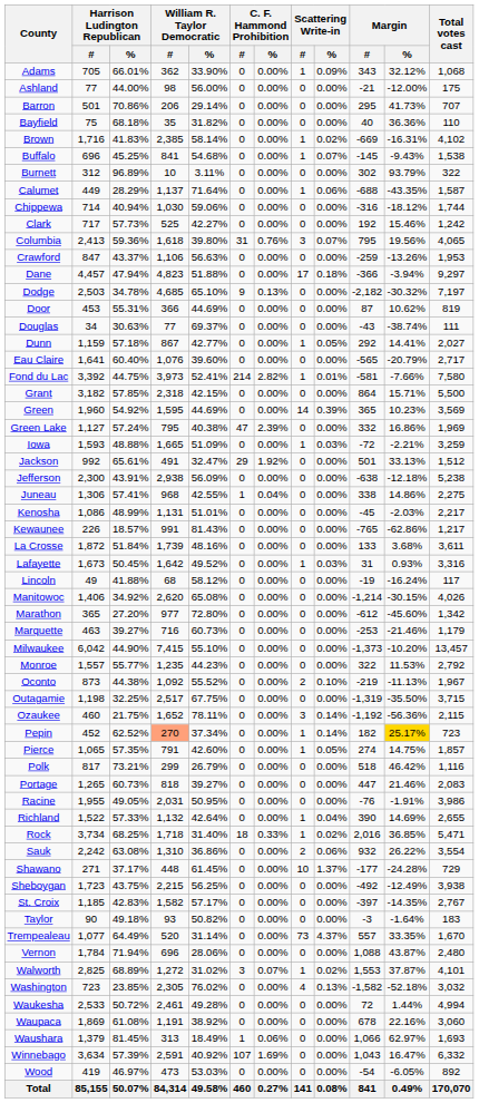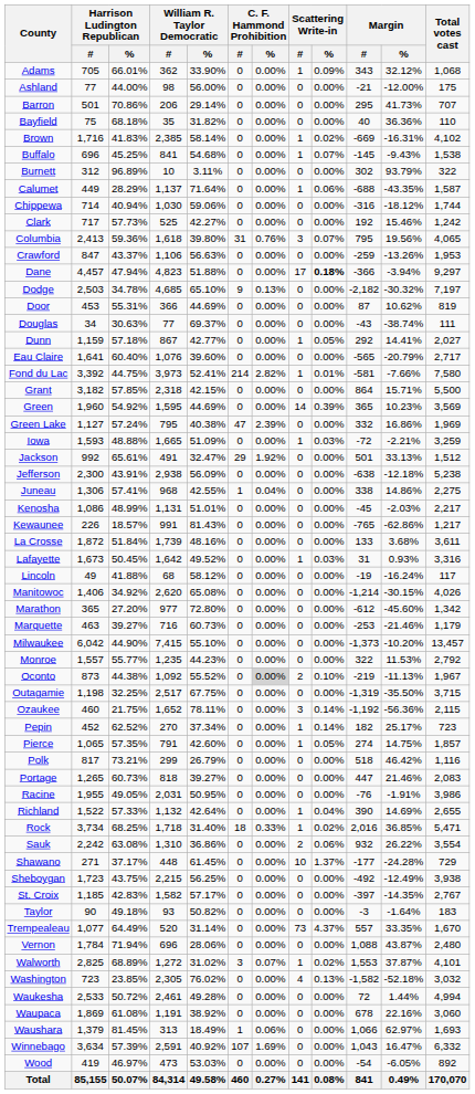 <table width="75%" class="wikitable sortable" style="text-align:center">
 <tr>
 <th rowspan="2" style="text-align:center;">County</th>
 <th colspan="2" style="text-align:center;">Harrison Ludington<br>Republican</th>
 <th colspan="2" style="text-align:center;">William R. Taylor<br>Democratic</th>
 <th colspan="2" style="text-align:center;">C. F. Hammond<br>Prohibition</th>
 <th colspan="2" style="text-align:center;">Scattering<br>Write-in</th>
 <th colspan="2" style="text-align:center;">Margin</th>
 <th rowspan="2" style="text-align:center;">Total votes cast</th>
 </tr>
 <tr>
 <th style="text-align:center;" data-sort-type="number">#</th>
 <th style="text-align:center;" data-sort-type="number">%</th>
 <th style="text-align:center;" data-sort-type="number">#</th>
 <th style="text-align:center;" data-sort-type="number">%</th>
 <th style="text-align:center;" data-sort-type="number">#</th>
 <th style="text-align:center;" data-sort-type="number">%</th>
 <th style="text-align:center;" data-sort-type="number">#</th>
 <th style="text-align:center;" data-sort-type="number">%</th>
 <th style="text-align:center;" data-sort-type="number">#</th>
 <th style="text-align:center;" data-sort-type="number">%</th>
 </tr>
 <tr style="text-align:center;">
 <td><a href='#'>Adams</a></td>
 <td>705</td>
 <td>66.01%</td>
 <td>362</td>
 <td>33.90%</td>
 <td>0</td>
 <td>0.00%</td>
 <td>1</td>
 <td>0.09%</td>
 <td>343</td>
 <td>32.12%</td>
 <td>1,068</td>
 </tr>
 <tr style="text-align:center;">
 <td><a href='#'>Ashland</a></td>
 <td>77</td>
 <td>44.00%</td>
 <td>98</td>
 <td>56.00%</td>
 <td>0</td>
 <td>0.00%</td>
 <td>0</td>
 <td>0.00%</td>
 <td>-21</td>
 <td>-12.00%</td>
 <td>175</td>
 </tr>
 <tr style="text-align:center;">
 <td><a href='#'>Barron</a></td>
 <td>501</td>
 <td>70.86%</td>
 <td>206</td>
 <td>29.14%</td>
 <td>0</td>
 <td>0.00%</td>
 <td>0</td>
 <td>0.00%</td>
 <td>295</td>
 <td>41.73%</td>
 <td>707</td>
 </tr>
 <tr style="text-align:center;">
 <td><a href='#'>Bayfield</a></td>
 <td>75</td>
 <td>68.18%</td>
 <td>35</td>
 <td>31.82%</td>
 <td>0</td>
 <td>0.00%</td>
 <td>0</td>
 <td>0.00%</td>
 <td>40</td>
 <td>36.36%</td>
 <td>110</td>
 </tr>
 <tr style="text-align:center;">
 <td><a href='#'>Brown</a></td>
 <td>1,716</td>
 <td>41.83%</td>
 <td>2,385</td>
 <td>58.14%</td>
 <td>0</td>
 <td>0.00%</td>
 <td>1</td>
 <td>0.02%</td>
 <td>-669</td>
 <td>-16.31%</td>
 <td>4,102</td>
 </tr>
 <tr style="text-align:center;">
 <td><a href='#'>Buffalo</a></td>
 <td>696</td>
 <td>45.25%</td>
 <td>841</td>
 <td>54.68%</td>
 <td>0</td>
 <td>0.00%</td>
 <td>1</td>
 <td>0.07%</td>
 <td>-145</td>
 <td>-9.43%</td>
 <td>1,538</td>
 </tr>
 <tr style="text-align:center;">
 <td><a href='#'>Burnett</a></td>
 <td>312</td>
 <td>96.89%</td>
 <td>10</td>
 <td>3.11%</td>
 <td>0</td>
 <td>0.00%</td>
 <td>0</td>
 <td>0.00%</td>
 <td>302</td>
 <td>93.79%</td>
 <td>322</td>
 </tr>
 <tr style="text-align:center;">
 <td><a href='#'>Calumet</a></td>
 <td>449</td>
 <td>28.29%</td>
 <td>1,137</td>
 <td>71.64%</td>
 <td>0</td>
 <td>0.00%</td>
 <td>1</td>
 <td>0.06%</td>
 <td>-688</td>
 <td>-43.35%</td>
 <td>1,587</td>
 </tr>
 <tr style="text-align:center;">
 <td><a href='#'>Chippewa</a></td>
 <td>714</td>
 <td>40.94%</td>
 <td>1,030</td>
 <td>59.06%</td>
 <td>0</td>
 <td>0.00%</td>
 <td>0</td>
 <td>0.00%</td>
 <td>-316</td>
 <td>-18.12%</td>
 <td>1,744</td>
 </tr>
 <tr style="text-align:center;">
 <td><a href='#'>Clark</a></td>
 <td>717</td>
 <td>57.73%</td>
 <td>525</td>
 <td>42.27%</td>
 <td>0</td>
 <td>0.00%</td>
 <td>0</td>
 <td>0.00%</td>
 <td>192</td>
 <td>15.46%</td>
 <td>1,242</td>
 </tr>
 <tr style="text-align:center;">
 <td><a href='#'>Columbia</a></td>
 <td>2,413</td>
 <td>59.36%</td>
 <td>1,618</td>
 <td>39.80%</td>
 <td>31</td>
 <td>0.76%</td>
 <td>3</td>
 <td>0.07%</td>
 <td>795</td>
 <td>19.56%</td>
 <td>4,065</td>
 </tr>
 <tr style="text-align:center;">
 <td><a href='#'>Crawford</a></td>
 <td>847</td>
 <td>43.37%</td>
 <td>1,106</td>
 <td>56.63%</td>
 <td>0</td>
 <td>0.00%</td>
 <td>0</td>
 <td>0.00%</td>
 <td>-259</td>
 <td>-13.26%</td>
 <td>1,953</td>
 </tr>
 <tr style="text-align:center;">
 <td><a href='#'>Dane</a></td>
 <td>4,457</td>
 <td>47.94%</td>
 <td>4,823</td>
 <td>51.88%</td>
 <td>0</td>
 <td>0.00%</td>
 <td>17</td>
-<td>0.18%</td>
+<td><strong>0.18%</strong></td>
 <td>-366</td>
 <td>-3.94%</td>
 <td>9,297</td>
 </tr>
 <tr style="text-align:center;">
 <td><a href='#'>Dodge</a></td>
 <td>2,503</td>
 <td>34.78%</td>
 <td>4,685</td>
 <td>65.10%</td>
 <td>9</td>
 <td>0.13%</td>
 <td>0</td>
 <td>0.00%</td>
 <td>-2,182</td>
 <td>-30.32%</td>
 <td>7,197</td>
 </tr>
 <tr style="text-align:center;">
 <td><a href='#'>Door</a></td>
 <td>453</td>
 <td>55.31%</td>
 <td>366</td>
 <td>44.69%</td>
 <td>0</td>
 <td>0.00%</td>
 <td>0</td>
 <td>0.00%</td>
 <td>87</td>
 <td>10.62%</td>
 <td>819</td>
 </tr>
 <tr style="text-align:center;">
 <td><a href='#'>Douglas</a></td>
 <td>34</td>
 <td>30.63%</td>
 <td>77</td>
 <td>69.37%</td>
 <td>0</td>
 <td>0.00%</td>
 <td>0</td>
 <td>0.00%</td>
 <td>-43</td>
 <td>-38.74%</td>
 <td>111</td>
 </tr>
 <tr style="text-align:center;">
 <td><a href='#'>Dunn</a></td>
 <td>1,159</td>
 <td>57.18%</td>
 <td>867</td>
 <td>42.77%</td>
 <td>0</td>
 <td>0.00%</td>
 <td>1</td>
 <td>0.05%</td>
 <td>292</td>
 <td>14.41%</td>
 <td>2,027</td>
 </tr>
 <tr style="text-align:center;">
 <td><a href='#'>Eau Claire</a></td>
 <td>1,641</td>
 <td>60.40%</td>
 <td>1,076</td>
 <td>39.60%</td>
 <td>0</td>
 <td>0.00%</td>
 <td>0</td>
 <td>0.00%</td>
 <td>-565</td>
 <td>-20.79%</td>
 <td>2,717</td>
 </tr>
 <tr style="text-align:center;">
 <td><a href='#'>Fond du Lac</a></td>
 <td>3,392</td>
 <td>44.75%</td>
 <td>3,973</td>
 <td>52.41%</td>
 <td>214</td>
 <td>2.82%</td>
 <td>1</td>
 <td>0.01%</td>
 <td>-581</td>
 <td>-7.66%</td>
 <td>7,580</td>
 </tr>
 <tr style="text-align:center;">
 <td><a href='#'>Grant</a></td>
 <td>3,182</td>
 <td>57.85%</td>
 <td>2,318</td>
 <td>42.15%</td>
 <td>0</td>
 <td>0.00%</td>
 <td>0</td>
 <td>0.00%</td>
 <td>864</td>
 <td>15.71%</td>
 <td>5,500</td>
 </tr>
 <tr style="text-align:center;">
 <td><a href='#'>Green</a></td>
 <td>1,960</td>
 <td>54.92%</td>
 <td>1,595</td>
 <td>44.69%</td>
 <td>0</td>
 <td>0.00%</td>
 <td>14</td>
 <td>0.39%</td>
 <td>365</td>
 <td>10.23%</td>
 <td>3,569</td>
 </tr>
 <tr style="text-align:center;">
 <td><a href='#'>Green Lake</a></td>
 <td>1,127</td>
 <td>57.24%</td>
 <td>795</td>
 <td>40.38%</td>
 <td>47</td>
 <td>2.39%</td>
 <td>0</td>
 <td>0.00%</td>
 <td>332</td>
 <td>16.86%</td>
 <td>1,969</td>
 </tr>
 <tr style="text-align:center;">
 <td><a href='#'>Iowa</a></td>
 <td>1,593</td>
 <td>48.88%</td>
 <td>1,665</td>
 <td>51.09%</td>
 <td>0</td>
 <td>0.00%</td>
 <td>1</td>
 <td>0.03%</td>
 <td>-72</td>
 <td>-2.21%</td>
 <td>3,259</td>
 </tr>
 <tr style="text-align:center;">
 <td><a href='#'>Jackson</a></td>
 <td>992</td>
 <td>65.61%</td>
 <td>491</td>
 <td>32.47%</td>
 <td>29</td>
 <td>1.92%</td>
 <td>0</td>
 <td>0.00%</td>
 <td>501</td>
 <td>33.13%</td>
 <td>1,512</td>
 </tr>
 <tr style="text-align:center;">
 <td><a href='#'>Jefferson</a></td>
 <td>2,300</td>
 <td>43.91%</td>
 <td>2,938</td>
 <td>56.09%</td>
 <td>0</td>
 <td>0.00%</td>
 <td>0</td>
 <td>0.00%</td>
 <td>-638</td>
 <td>-12.18%</td>
 <td>5,238</td>
 </tr>
 <tr style="text-align:center;">
 <td><a href='#'>Juneau</a></td>
 <td>1,306</td>
 <td>57.41%</td>
 <td>968</td>
 <td>42.55%</td>
 <td>1</td>
 <td>0.04%</td>
 <td>0</td>
 <td>0.00%</td>
 <td>338</td>
 <td>14.86%</td>
 <td>2,275</td>
 </tr>
 <tr style="text-align:center;">
 <td><a href='#'>Kenosha</a></td>
 <td>1,086</td>
 <td>48.99%</td>
 <td>1,131</td>
 <td>51.01%</td>
 <td>0</td>
 <td>0.00%</td>
 <td>0</td>
 <td>0.00%</td>
 <td>-45</td>
 <td>-2.03%</td>
 <td>2,217</td>
 </tr>
 <tr style="text-align:center;">
 <td><a href='#'>Kewaunee</a></td>
 <td>226</td>
 <td>18.57%</td>
 <td>991</td>
 <td>81.43%</td>
 <td>0</td>
 <td>0.00%</td>
 <td>0</td>
 <td>0.00%</td>
 <td>-765</td>
 <td>-62.86%</td>
 <td>1,217</td>
 </tr>
 <tr style="text-align:center;">
 <td><a href='#'>La Crosse</a></td>
 <td>1,872</td>
 <td>51.84%</td>
 <td>1,739</td>
 <td>48.16%</td>
 <td>0</td>
 <td>0.00%</td>
 <td>0</td>
 <td>0.00%</td>
 <td>133</td>
 <td>3.68%</td>
 <td>3,611</td>
 </tr>
 <tr style="text-align:center;">
 <td><a href='#'>Lafayette</a></td>
 <td>1,673</td>
 <td>50.45%</td>
 <td>1,642</td>
 <td>49.52%</td>
 <td>0</td>
 <td>0.00%</td>
 <td>1</td>
 <td>0.03%</td>
 <td>31</td>
 <td>0.93%</td>
 <td>3,316</td>
 </tr>
 <tr style="text-align:center;">
 <td><a href='#'>Lincoln</a></td>
 <td>49</td>
 <td>41.88%</td>
 <td>68</td>
 <td>58.12%</td>
 <td>0</td>
 <td>0.00%</td>
 <td>0</td>
 <td>0.00%</td>
 <td>-19</td>
 <td>-16.24%</td>
 <td>117</td>
 </tr>
 <tr style="text-align:center;">
 <td><a href='#'>Manitowoc</a></td>
 <td>1,406</td>
 <td>34.92%</td>
 <td>2,620</td>
 <td>65.08%</td>
 <td>0</td>
 <td>0.00%</td>
 <td>0</td>
 <td>0.00%</td>
 <td>-1,214</td>
 <td>-30.15%</td>
 <td>4,026</td>
 </tr>
 <tr style="text-align:center;">
 <td><a href='#'>Marathon</a></td>
 <td>365</td>
 <td>27.20%</td>
 <td>977</td>
 <td>72.80%</td>
 <td>0</td>
 <td>0.00%</td>
 <td>0</td>
 <td>0.00%</td>
 <td>-612</td>
 <td>-45.60%</td>
 <td>1,342</td>
 </tr>
 <tr style="text-align:center;">
 <td><a href='#'>Marquette</a></td>
 <td>463</td>
 <td>39.27%</td>
 <td>716</td>
 <td>60.73%</td>
 <td>0</td>
 <td>0.00%</td>
 <td>0</td>
 <td>0.00%</td>
 <td>-253</td>
 <td>-21.46%</td>
 <td>1,179</td>
 </tr>
 <tr style="text-align:center;">
 <td><a href='#'>Milwaukee</a></td>
 <td>6,042</td>
 <td>44.90%</td>
 <td>7,415</td>
 <td>55.10%</td>
 <td>0</td>
 <td>0.00%</td>
 <td>0</td>
 <td>0.00%</td>
 <td>-1,373</td>
 <td>-10.20%</td>
 <td>13,457</td>
 </tr>
 <tr style="text-align:center;">
 <td><a href='#'>Monroe</a></td>
 <td>1,557</td>
 <td>55.77%</td>
 <td>1,235</td>
 <td>44.23%</td>
 <td>0</td>
 <td>0.00%</td>
 <td>0</td>
 <td>0.00%</td>
 <td>322</td>
 <td>11.53%</td>
 <td>2,792</td>
 </tr>
 <tr style="text-align:center;">
 <td><a href='#'>Oconto</a></td>
 <td>873</td>
 <td>44.38%</td>
 <td>1,092</td>
 <td>55.52%</td>
 <td>0</td>
-<td>0.00%</td>
+<td style="background: lightgrey;">0.00%</td>
 <td>2</td>
 <td>0.10%</td>
 <td>-219</td>
 <td>-11.13%</td>
 <td>1,967</td>
 </tr>
 <tr style="text-align:center;">
 <td><a href='#'>Outagamie</a></td>
 <td>1,198</td>
 <td>32.25%</td>
 <td>2,517</td>
 <td>67.75%</td>
 <td>0</td>
 <td>0.00%</td>
 <td>0</td>
 <td>0.00%</td>
 <td>-1,319</td>
 <td>-35.50%</td>
 <td>3,715</td>
 </tr>
 <tr style="text-align:center;">
 <td><a href='#'>Ozaukee</a></td>
 <td>460</td>
 <td>21.75%</td>
 <td>1,652</td>
 <td>78.11%</td>
 <td>0</td>
 <td>0.00%</td>
 <td>3</td>
 <td>0.14%</td>
 <td>-1,192</td>
 <td>-56.36%</td>
 <td>2,115</td>
 </tr>
 <tr style="text-align:center;">
 <td><a href='#'>Pepin</a></td>
 <td>452</td>
 <td>62.52%</td>
-<td style="background: lightsalmon;">270</td>
+<td>270</td>
 <td>37.34%</td>
 <td>0</td>
 <td>0.00%</td>
 <td>1</td>
 <td>0.14%</td>
 <td>182</td>
-<td style="background: gold;">25.17%</td>
+<td>25.17%</td>
 <td>723</td>
 </tr>
 <tr style="text-align:center;">
 <td><a href='#'>Pierce</a></td>
 <td>1,065</td>
 <td>57.35%</td>
 <td>791</td>
 <td>42.60%</td>
 <td>0</td>
 <td>0.00%</td>
 <td>1</td>
 <td>0.05%</td>
 <td>274</td>
 <td>14.75%</td>
 <td>1,857</td>
 </tr>
 <tr style="text-align:center;">
 <td><a href='#'>Polk</a></td>
 <td>817</td>
 <td>73.21%</td>
 <td>299</td>
 <td>26.79%</td>
 <td>0</td>
 <td>0.00%</td>
 <td>0</td>
 <td>0.00%</td>
 <td>518</td>
 <td>46.42%</td>
 <td>1,116</td>
 </tr>
 <tr style="text-align:center;">
 <td><a href='#'>Portage</a></td>
 <td>1,265</td>
 <td>60.73%</td>
 <td>818</td>
 <td>39.27%</td>
 <td>0</td>
 <td>0.00%</td>
 <td>0</td>
 <td>0.00%</td>
 <td>447</td>
 <td>21.46%</td>
 <td>2,083</td>
 </tr>
 <tr style="text-align:center;">
 <td><a href='#'>Racine</a></td>
 <td>1,955</td>
 <td>49.05%</td>
 <td>2,031</td>
 <td>50.95%</td>
 <td>0</td>
 <td>0.00%</td>
 <td>0</td>
 <td>0.00%</td>
 <td>-76</td>
 <td>-1.91%</td>
 <td>3,986</td>
 </tr>
 <tr style="text-align:center;">
 <td><a href='#'>Richland</a></td>
 <td>1,522</td>
 <td>57.33%</td>
 <td>1,132</td>
 <td>42.64%</td>
 <td>0</td>
 <td>0.00%</td>
 <td>1</td>
 <td>0.04%</td>
 <td>390</td>
 <td>14.69%</td>
 <td>2,655</td>
 </tr>
 <tr style="text-align:center;">
 <td><a href='#'>Rock</a></td>
 <td>3,734</td>
 <td>68.25%</td>
 <td>1,718</td>
 <td>31.40%</td>
 <td>18</td>
 <td>0.33%</td>
 <td>1</td>
 <td>0.02%</td>
 <td>2,016</td>
 <td>36.85%</td>
 <td>5,471</td>
 </tr>
 <tr style="text-align:center;">
 <td><a href='#'>Sauk</a></td>
 <td>2,242</td>
 <td>63.08%</td>
 <td>1,310</td>
 <td>36.86%</td>
 <td>0</td>
 <td>0.00%</td>
 <td>2</td>
 <td>0.06%</td>
 <td>932</td>
 <td>26.22%</td>
 <td>3,554</td>
 </tr>
 <tr style="text-align:center;">
 <td><a href='#'>Shawano</a></td>
 <td>271</td>
 <td>37.17%</td>
 <td>448</td>
 <td>61.45%</td>
 <td>0</td>
 <td>0.00%</td>
 <td>10</td>
 <td>1.37%</td>
 <td>-177</td>
 <td>-24.28%</td>
 <td>729</td>
 </tr>
 <tr style="text-align:center;">
 <td><a href='#'>Sheboygan</a></td>
 <td>1,723</td>
 <td>43.75%</td>
 <td>2,215</td>
 <td>56.25%</td>
 <td>0</td>
 <td>0.00%</td>
 <td>0</td>
 <td>0.00%</td>
 <td>-492</td>
 <td>-12.49%</td>
 <td>3,938</td>
 </tr>
 <tr style="text-align:center;">
 <td><a href='#'>St. Croix</a></td>
 <td>1,185</td>
 <td>42.83%</td>
 <td>1,582</td>
 <td>57.17%</td>
 <td>0</td>
 <td>0.00%</td>
 <td>0</td>
 <td>0.00%</td>
 <td>-397</td>
 <td>-14.35%</td>
 <td>2,767</td>
 </tr>
 <tr style="text-align:center;">
 <td><a href='#'>Taylor</a></td>
 <td>90</td>
 <td>49.18%</td>
 <td>93</td>
 <td>50.82%</td>
 <td>0</td>
 <td>0.00%</td>
 <td>0</td>
 <td>0.00%</td>
 <td>-3</td>
 <td>-1.64%</td>
 <td>183</td>
 </tr>
 <tr style="text-align:center;">
 <td><a href='#'>Trempealeau</a></td>
 <td>1,077</td>
 <td>64.49%</td>
 <td>520</td>
 <td>31.14%</td>
 <td>0</td>
 <td>0.00%</td>
 <td>73</td>
 <td>4.37%</td>
 <td>557</td>
 <td>33.35%</td>
 <td>1,670</td>
 </tr>
 <tr style="text-align:center;">
 <td><a href='#'>Vernon</a></td>
 <td>1,784</td>
 <td>71.94%</td>
 <td>696</td>
 <td>28.06%</td>
 <td>0</td>
 <td>0.00%</td>
 <td>0</td>
 <td>0.00%</td>
 <td>1,088</td>
 <td>43.87%</td>
 <td>2,480</td>
 </tr>
 <tr style="text-align:center;">
 <td><a href='#'>Walworth</a></td>
 <td>2,825</td>
 <td>68.89%</td>
 <td>1,272</td>
 <td>31.02%</td>
 <td>3</td>
 <td>0.07%</td>
 <td>1</td>
 <td>0.02%</td>
 <td>1,553</td>
 <td>37.87%</td>
 <td>4,101</td>
 </tr>
 <tr style="text-align:center;">
 <td><a href='#'>Washington</a></td>
 <td>723</td>
 <td>23.85%</td>
 <td>2,305</td>
 <td>76.02%</td>
 <td>0</td>
 <td>0.00%</td>
 <td>4</td>
 <td>0.13%</td>
 <td>-1,582</td>
 <td>-52.18%</td>
 <td>3,032</td>
 </tr>
 <tr style="text-align:center;">
 <td><a href='#'>Waukesha</a></td>
 <td>2,533</td>
 <td>50.72%</td>
 <td>2,461</td>
 <td>49.28%</td>
 <td>0</td>
 <td>0.00%</td>
 <td>0</td>
 <td>0.00%</td>
 <td>72</td>
 <td>1.44%</td>
 <td>4,994</td>
 </tr>
 <tr style="text-align:center;">
 <td><a href='#'>Waupaca</a></td>
 <td>1,869</td>
 <td>61.08%</td>
 <td>1,191</td>
 <td>38.92%</td>
 <td>0</td>
 <td>0.00%</td>
 <td>0</td>
 <td>0.00%</td>
 <td>678</td>
 <td>22.16%</td>
 <td>3,060</td>
 </tr>
 <tr style="text-align:center;">
 <td><a href='#'>Waushara</a></td>
 <td>1,379</td>
 <td>81.45%</td>
 <td>313</td>
 <td>18.49%</td>
 <td>1</td>
 <td>0.06%</td>
 <td>0</td>
 <td>0.00%</td>
 <td>1,066</td>
 <td>62.97%</td>
 <td>1,693</td>
 </tr>
 <tr style="text-align:center;">
 <td><a href='#'>Winnebago</a></td>
 <td>3,634</td>
 <td>57.39%</td>
 <td>2,591</td>
 <td>40.92%</td>
 <td>107</td>
 <td>1.69%</td>
 <td>0</td>
 <td>0.00%</td>
 <td>1,043</td>
 <td>16.47%</td>
 <td>6,332</td>
 </tr>
 <tr style="text-align:center;">
 <td><a href='#'>Wood</a></td>
 <td>419</td>
 <td>46.97%</td>
 <td>473</td>
 <td>53.03%</td>
 <td>0</td>
 <td>0.00%</td>
 <td>0</td>
 <td>0.00%</td>
 <td>-54</td>
 <td>-6.05%</td>
 <td>892</td>
 </tr>
 <tr>
 <th>Total</th>
 <th>85,155</th>
 <th>50.07%</th>
 <th>84,314</th>
 <th>49.58%</th>
 <th>460</th>
 <th>0.27%</th>
 <th>141</th>
 <th>0.08%</th>
 <th>841</th>
 <th>0.49%</th>
 <th>170,070</th>
 </tr>
 </table>
